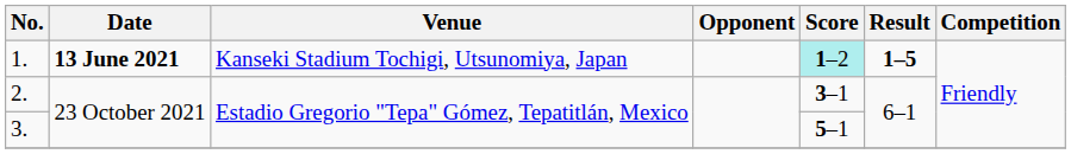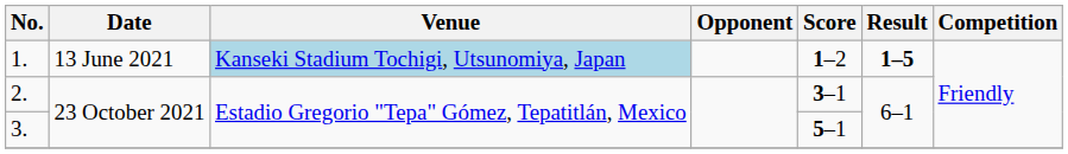 <table class="wikitable">
 <tr>
 <th>No.</th>
 <th>Date</th>
 <th>Venue</th>
 <th>Opponent</th>
 <th>Score</th>
 <th>Result</th>
 <th>Competition</th>
 </tr>
 <tr>
 <td>1.</td>
-<td><strong>13 June 2021</strong></td>
-<td><a href='#'>Kanseki Stadium Tochigi</a>, <a href='#'>Utsunomiya</a>, <a href='#'>Japan</a></td>
+<td>13 June 2021</td>
+<td style="background: lightblue;"><a href='#'>Kanseki Stadium Tochigi</a>, <a href='#'>Utsunomiya</a>, <a href='#'>Japan</a></td>
 <td></td>
-<td align=center style="background: paleturquoise;"><strong>1</strong>–2</td>
+<td align=center><strong>1</strong>–2</td>
 <td align=center><strong>1–5</strong></td>
 <td rowspan=3><a href='#'>Friendly</a></td>
 </tr>
 <tr>
 <td>2.</td>
 <td rowspan=2>23 October 2021</td>
 <td rowspan=2><a href='#'>Estadio Gregorio "Tepa" Gómez</a>, <a href='#'>Tepatitlán</a>, <a href='#'>Mexico</a></td>
 <td rowspan=2></td>
 <td align=center><strong>3</strong>–1</td>
 <td rowspan=2 align=center>6–1</td>
 </tr>
 <tr>
 <td>3.</td>
 <td align=center><strong>5</strong>–1</td>
 </tr>
 <tr>
 </tr>
 </table>
